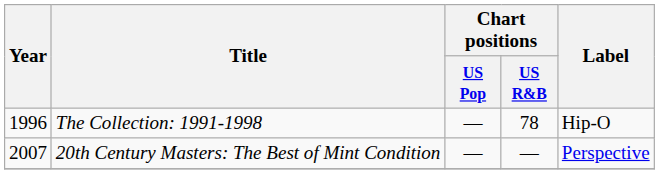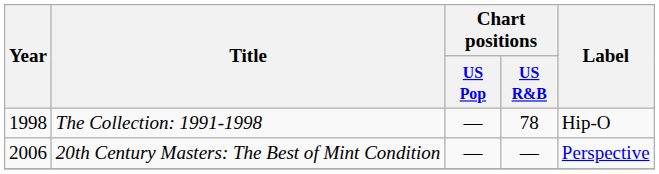 <table class="wikitable">
 <tr>
 <th scope="col" rowspan="2">Year</th>
 <th scope="col" rowspan="2">Title</th>
 <th scope="col" colspan="2">Chart positions</th>
 <th scope="col" rowspan="2">Label</th>
 </tr>
 <tr>
 <th align="center" width="40"><small><a href='#'>US Pop</a></small><br></th>
 <th align="center" width="40"><small><a href='#'>US R&B</a></small><br></th>
 </tr>
 <tr>
-<td>1996</td>
+<td>1998</td>
 <td><em>The Collection: 1991-1998</em></td>
 <td align="center">—</td>
 <td align="center">78</td>
 <td>Hip-O</td>
 </tr>
 <tr>
-<td>2007</td>
+<td>2006</td>
 <td><em>20th Century Masters: The Best of Mint Condition</em></td>
 <td align="center">—</td>
 <td align="center">—</td>
 <td><a href='#'>Perspective</a></td>
 </tr>
 <tr>
 </tr>
 </table>
